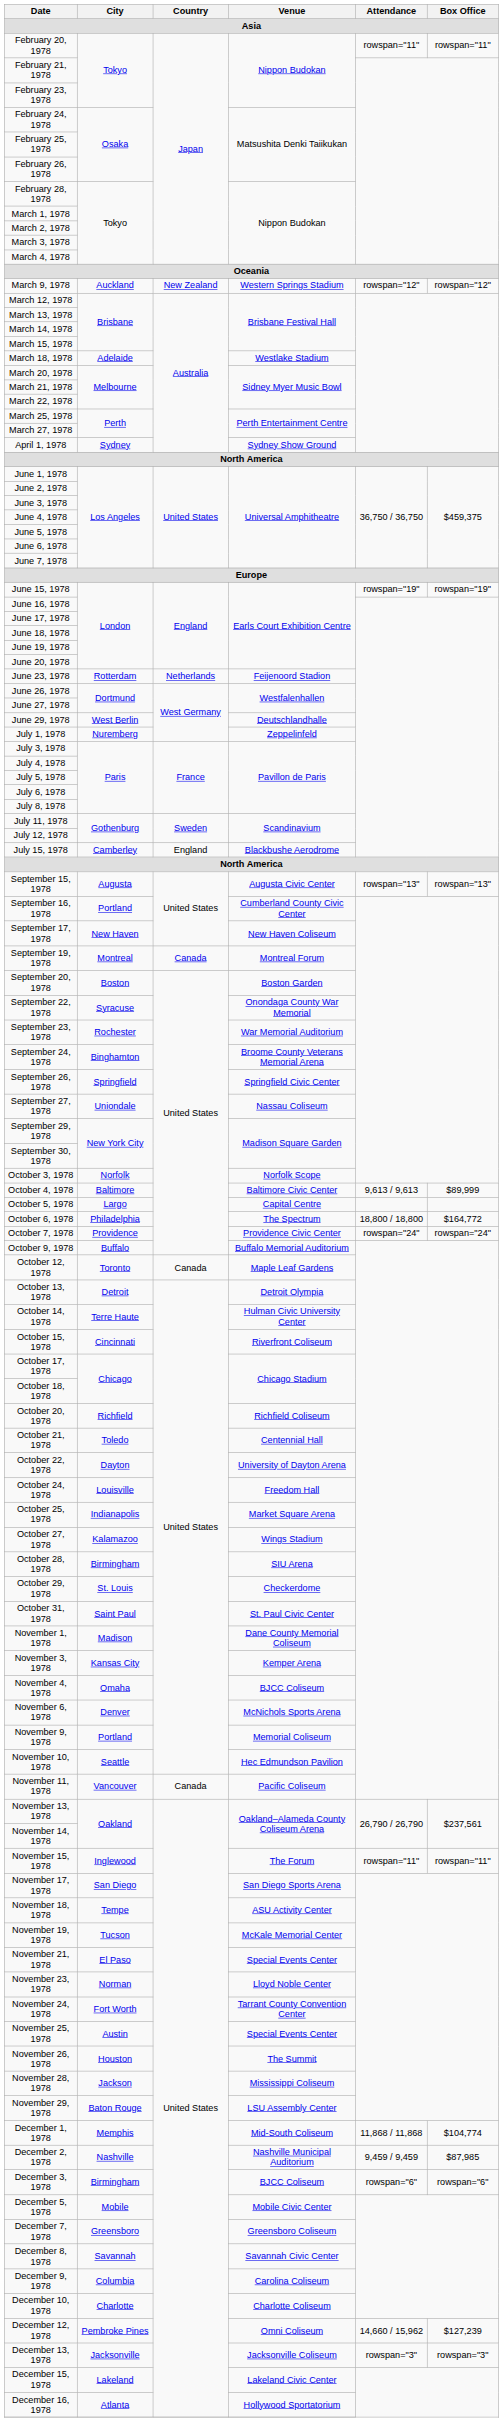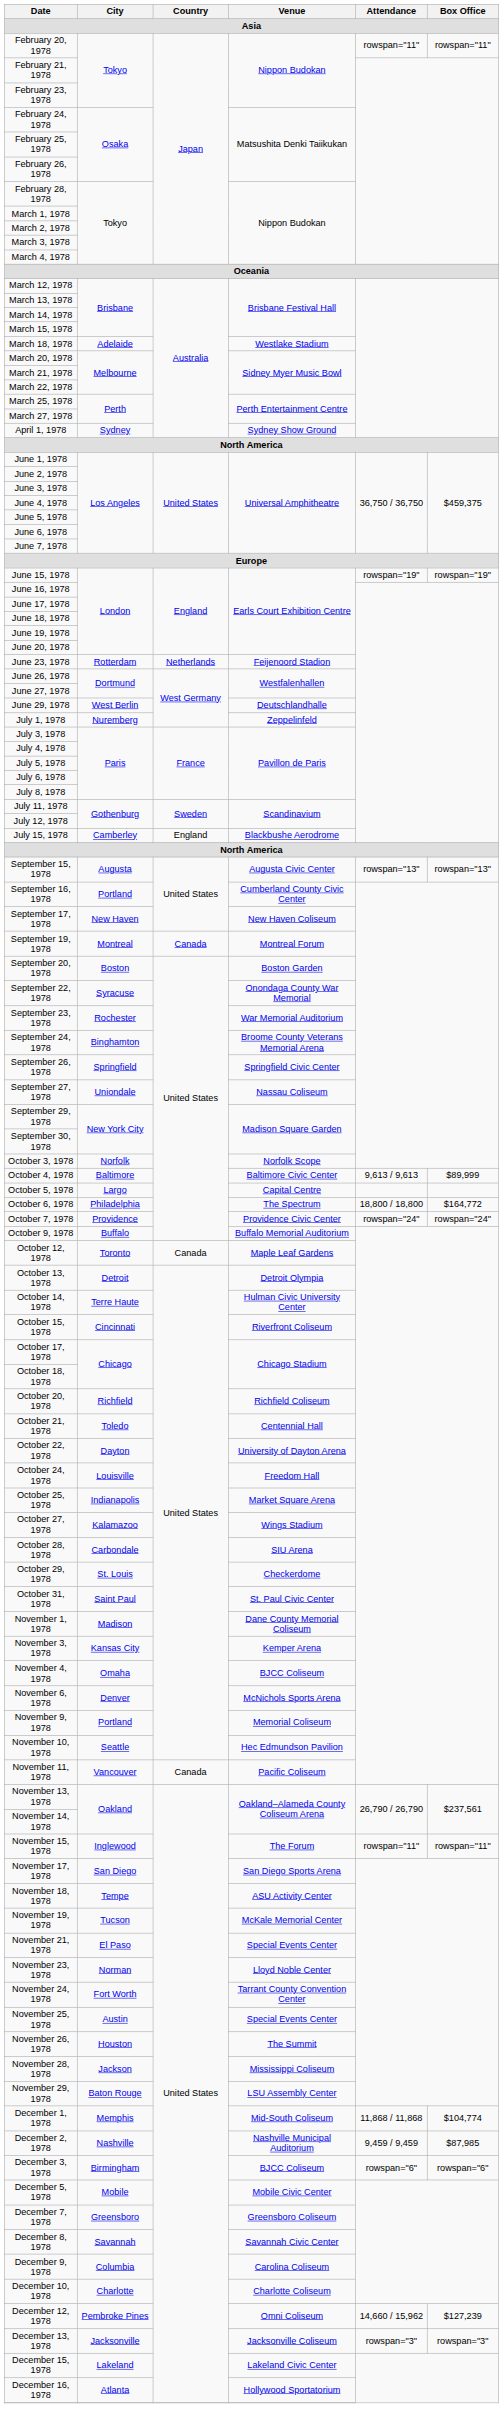 <table class="wikitable" style="text-align:center;">
 <tr>
 <th width="170">Date</th>
 <th width="170">City</th>
 <th width="170">Country</th>
 <th width="325">Venue</th>
 <th width="140">Attendance</th>
 <th width="140">Box Office</th>
 </tr>
 <tr>
 <th colspan="6" style="background:#DFDFDF;">Asia</th>
 </tr>
 <tr>
 <td>February 20, 1978</td>
 <td rowspan="3"><a href='#'>Tokyo</a></td>
 <td rowspan="11"><a href='#'>Japan</a></td>
 <td rowspan="3"><a href='#'>Nippon Budokan</a></td>
 <td>rowspan="11" </td>
 <td>rowspan="11" </td>
 </tr>
 <tr>
 <td>February 21, 1978</td>
 </tr>
 <tr>
 <td>February 23, 1978</td>
 </tr>
 <tr>
 <td>February 24, 1978</td>
 <td rowspan="3"><a href='#'>Osaka</a></td>
 <td rowspan="3">Matsushita Denki Taiikukan</td>
 </tr>
 <tr>
 <td>February 25, 1978</td>
 </tr>
 <tr>
 <td>February 26, 1978</td>
 </tr>
 <tr>
 <td>February 28, 1978</td>
 <td rowspan="5">Tokyo</td>
 <td rowspan="5">Nippon Budokan</td>
 </tr>
 <tr>
 <td>March 1, 1978</td>
 </tr>
 <tr>
 <td>March 2, 1978</td>
 </tr>
 <tr>
 <td>March 3, 1978</td>
 </tr>
 <tr>
 <td>March 4, 1978</td>
 </tr>
 <tr s>
 <th colspan="6" style="background:#DFDFDF;">Oceania</th>
-</tr>
-<tr>
-<td>March 9, 1978</td>
-<td><a href='#'>Auckland</a></td>
-<td><a href='#'>New Zealand</a></td>
-<td><a href='#'>Western Springs Stadium</a></td>
-<td>rowspan="12" </td>
-<td>rowspan="12" </td>
 </tr>
 <tr>
 <td>March 12, 1978</td>
 <td rowspan="4"><a href='#'>Brisbane</a></td>
 <td rowspan="11"><a href='#'>Australia</a></td>
 <td rowspan="4"><a href='#'>Brisbane Festival Hall</a></td>
 </tr>
 <tr>
 <td>March 13, 1978</td>
 </tr>
 <tr>
 <td>March 14, 1978</td>
 </tr>
 <tr>
 <td>March 15, 1978</td>
 </tr>
 <tr>
 <td>March 18, 1978</td>
 <td><a href='#'>Adelaide</a></td>
 <td><a href='#'>Westlake Stadium</a></td>
 </tr>
 <tr>
 <td>March 20, 1978</td>
 <td rowspan="3"><a href='#'>Melbourne</a></td>
 <td rowspan="3"><a href='#'>Sidney Myer Music Bowl</a></td>
 </tr>
 <tr>
 <td>March 21, 1978</td>
 </tr>
 <tr>
 <td>March 22, 1978</td>
 </tr>
 <tr>
 <td>March 25, 1978</td>
 <td rowspan="2"><a href='#'>Perth</a></td>
 <td rowspan="2"><a href='#'>Perth Entertainment Centre</a></td>
 </tr>
 <tr>
 <td>March 27, 1978</td>
 </tr>
 <tr>
 <td>April 1, 1978</td>
 <td><a href='#'>Sydney</a></td>
 <td><a href='#'>Sydney Show Ground</a></td>
 </tr>
 <tr>
 <th colspan="6" style="background:#DFDFDF;">North America</th>
 </tr>
 <tr>
 <td>June 1, 1978</td>
 <td rowspan="7"><a href='#'>Los Angeles</a></td>
 <td rowspan="7"><a href='#'>United States</a></td>
 <td rowspan="7"><a href='#'>Universal Amphitheatre</a></td>
 <td rowspan="7">36,750 / 36,750</td>
 <td rowspan="7">$459,375</td>
 </tr>
 <tr>
 <td>June 2, 1978</td>
 </tr>
 <tr>
 <td>June 3, 1978</td>
 </tr>
 <tr>
 <td>June 4, 1978</td>
 </tr>
 <tr>
 <td>June 5, 1978</td>
 </tr>
 <tr>
 <td>June 6, 1978</td>
 </tr>
 <tr>
 <td>June 7, 1978</td>
 </tr>
 <tr>
 <th colspan="6" style="background:#DFDFDF;">Europe</th>
 </tr>
 <tr>
 <td>June 15, 1978</td>
 <td rowspan="6"><a href='#'>London</a></td>
 <td rowspan="6"><a href='#'>England</a></td>
 <td rowspan="6"><a href='#'>Earls Court Exhibition Centre</a></td>
 <td>rowspan="19" </td>
 <td>rowspan="19" </td>
 </tr>
 <tr>
 <td>June 16, 1978</td>
 </tr>
 <tr>
 <td>June 17, 1978</td>
 </tr>
 <tr>
 <td>June 18, 1978</td>
 </tr>
 <tr>
 <td>June 19, 1978</td>
 </tr>
 <tr>
 <td>June 20, 1978</td>
 </tr>
 <tr>
 <td>June 23, 1978</td>
 <td><a href='#'>Rotterdam</a></td>
 <td><a href='#'>Netherlands</a></td>
 <td><a href='#'>Feijenoord Stadion</a></td>
 </tr>
 <tr>
 <td>June 26, 1978</td>
 <td rowspan="2"><a href='#'>Dortmund</a></td>
 <td rowspan="4"><a href='#'>West Germany</a></td>
 <td rowspan="2"><a href='#'>Westfalenhallen</a></td>
 </tr>
 <tr>
 <td>June 27, 1978</td>
 </tr>
 <tr>
 <td>June 29, 1978</td>
 <td><a href='#'>West Berlin</a></td>
 <td><a href='#'>Deutschlandhalle</a></td>
 </tr>
 <tr>
 <td>July 1, 1978</td>
 <td><a href='#'>Nuremberg</a></td>
 <td><a href='#'>Zeppelinfeld</a></td>
 </tr>
 <tr>
 <td>July 3, 1978</td>
 <td rowspan="5"><a href='#'>Paris</a></td>
 <td rowspan="5"><a href='#'>France</a></td>
 <td rowspan="5"><a href='#'>Pavillon de Paris</a></td>
 </tr>
 <tr>
 <td>July 4, 1978</td>
 </tr>
 <tr>
 <td>July 5, 1978</td>
 </tr>
 <tr>
 <td>July 6, 1978</td>
 </tr>
 <tr>
 <td>July 8, 1978</td>
 </tr>
 <tr>
 <td>July 11, 1978</td>
 <td rowspan="2"><a href='#'>Gothenburg</a></td>
 <td rowspan="2"><a href='#'>Sweden</a></td>
 <td rowspan="2"><a href='#'>Scandinavium</a></td>
 </tr>
 <tr>
 <td>July 12, 1978</td>
 </tr>
 <tr>
 <td>July 15, 1978</td>
 <td><a href='#'>Camberley</a></td>
 <td>England</td>
 <td><a href='#'>Blackbushe Aerodrome</a></td>
 </tr>
 <tr>
 <th colspan="6" style="background:#DFDFDF;">North America</th>
 </tr>
 <tr>
 <td>September 15, 1978</td>
 <td><a href='#'>Augusta</a></td>
 <td rowspan="3">United States</td>
 <td><a href='#'>Augusta Civic Center</a></td>
 <td>rowspan="13" </td>
 <td>rowspan="13" </td>
 </tr>
 <tr>
 <td>September 16, 1978</td>
 <td><a href='#'>Portland</a></td>
 <td><a href='#'>Cumberland County Civic Center</a></td>
 </tr>
 <tr>
 <td>September 17, 1978</td>
 <td><a href='#'>New Haven</a></td>
 <td><a href='#'>New Haven Coliseum</a></td>
 </tr>
 <tr>
 <td>September 19, 1978</td>
 <td><a href='#'>Montreal</a></td>
 <td><a href='#'>Canada</a></td>
 <td><a href='#'>Montreal Forum</a></td>
 </tr>
 <tr>
 <td>September 20, 1978</td>
 <td><a href='#'>Boston</a></td>
 <td rowspan="14">United States</td>
 <td><a href='#'>Boston Garden</a></td>
 </tr>
 <tr>
 <td>September 22, 1978</td>
 <td><a href='#'>Syracuse</a></td>
 <td><a href='#'>Onondaga County War Memorial</a></td>
 </tr>
 <tr>
 <td>September 23, 1978</td>
 <td><a href='#'>Rochester</a></td>
 <td><a href='#'>War Memorial Auditorium</a></td>
 </tr>
 <tr>
 <td>September 24, 1978</td>
 <td><a href='#'>Binghamton</a></td>
 <td><a href='#'>Broome County Veterans Memorial Arena</a></td>
 </tr>
 <tr>
 <td>September 26, 1978</td>
 <td><a href='#'>Springfield</a></td>
 <td><a href='#'>Springfield Civic Center</a></td>
 </tr>
 <tr>
 <td>September 27, 1978</td>
 <td><a href='#'>Uniondale</a></td>
 <td><a href='#'>Nassau Coliseum</a></td>
 </tr>
 <tr>
 <td>September 29, 1978</td>
 <td rowspan="2"><a href='#'>New York City</a></td>
 <td rowspan="2"><a href='#'>Madison Square Garden</a></td>
 </tr>
 <tr>
 <td>September 30, 1978</td>
 </tr>
 <tr>
 <td>October 3, 1978</td>
 <td><a href='#'>Norfolk</a></td>
 <td><a href='#'>Norfolk Scope</a></td>
 </tr>
 <tr>
 <td>October 4, 1978</td>
 <td><a href='#'>Baltimore</a></td>
 <td><a href='#'>Baltimore Civic Center</a></td>
 <td>9,613 / 9,613</td>
 <td>$89,999</td>
 </tr>
 <tr>
 <td>October 5, 1978</td>
 <td><a href='#'>Largo</a></td>
 <td><a href='#'>Capital Centre</a></td>
 <td></td>
 <td></td>
 </tr>
 <tr>
 <td>October 6, 1978</td>
 <td><a href='#'>Philadelphia</a></td>
 <td><a href='#'>The Spectrum</a></td>
 <td>18,800 / 18,800</td>
 <td>$164,772</td>
 </tr>
 <tr>
 <td>October 7, 1978</td>
 <td><a href='#'>Providence</a></td>
 <td><a href='#'>Providence Civic Center</a></td>
 <td>rowspan="24" </td>
 <td>rowspan="24" </td>
 </tr>
 <tr>
 <td>October 9, 1978</td>
 <td><a href='#'>Buffalo</a></td>
 <td><a href='#'>Buffalo Memorial Auditorium</a></td>
 </tr>
 <tr>
 <td>October 12, 1978</td>
 <td><a href='#'>Toronto</a></td>
 <td>Canada</td>
 <td><a href='#'>Maple Leaf Gardens</a></td>
 </tr>
 <tr>
 <td>October 13, 1978</td>
 <td><a href='#'>Detroit</a></td>
 <td rowspan="20">United States</td>
 <td><a href='#'>Detroit Olympia</a></td>
 </tr>
 <tr>
 <td>October 14, 1978</td>
 <td><a href='#'>Terre Haute</a></td>
 <td><a href='#'>Hulman Civic University Center</a></td>
 </tr>
 <tr>
 <td>October 15, 1978</td>
 <td><a href='#'>Cincinnati</a></td>
 <td><a href='#'>Riverfront Coliseum</a></td>
 </tr>
 <tr>
 <td>October 17, 1978</td>
 <td rowspan="2"><a href='#'>Chicago</a></td>
 <td rowspan="2"><a href='#'>Chicago Stadium</a></td>
 </tr>
 <tr>
 <td>October 18, 1978</td>
 </tr>
 <tr>
 <td>October 20, 1978</td>
 <td><a href='#'>Richfield</a></td>
 <td><a href='#'>Richfield Coliseum</a></td>
 </tr>
 <tr>
 <td>October 21, 1978</td>
 <td><a href='#'>Toledo</a></td>
 <td><a href='#'>Centennial Hall</a></td>
 </tr>
 <tr>
 <td>October 22, 1978</td>
 <td><a href='#'>Dayton</a></td>
 <td><a href='#'>University of Dayton Arena</a></td>
 </tr>
 <tr>
 <td>October 24, 1978</td>
 <td><a href='#'>Louisville</a></td>
 <td><a href='#'>Freedom Hall</a></td>
 </tr>
 <tr>
 <td>October 25, 1978</td>
 <td><a href='#'>Indianapolis</a></td>
 <td><a href='#'>Market Square Arena</a></td>
 </tr>
 <tr>
 <td>October 27, 1978</td>
 <td><a href='#'>Kalamazoo</a></td>
 <td><a href='#'>Wings Stadium</a></td>
 </tr>
 <tr>
 <td>October 28, 1978</td>
-<td><a href='#'>Birmingham</a></td>
+<td><a href='#'>Carbondale</a></td>
 <td><a href='#'>SIU Arena</a></td>
 </tr>
 <tr>
 <td>October 29, 1978</td>
 <td><a href='#'>St. Louis</a></td>
 <td><a href='#'>Checkerdome</a></td>
 </tr>
 <tr>
 <td>October 31, 1978</td>
 <td><a href='#'>Saint Paul</a></td>
 <td><a href='#'>St. Paul Civic Center</a></td>
 </tr>
 <tr>
 <td>November 1, 1978</td>
 <td><a href='#'>Madison</a></td>
 <td><a href='#'>Dane County Memorial Coliseum</a></td>
 </tr>
 <tr>
 <td>November 3, 1978</td>
 <td><a href='#'>Kansas City</a></td>
 <td><a href='#'>Kemper Arena</a></td>
 </tr>
 <tr>
 <td>November 4, 1978</td>
 <td><a href='#'>Omaha</a></td>
 <td><a href='#'>BJCC Coliseum</a></td>
 </tr>
 <tr>
 <td>November 6, 1978</td>
 <td><a href='#'>Denver</a></td>
 <td><a href='#'>McNichols Sports Arena</a></td>
 </tr>
 <tr>
 <td>November 9, 1978</td>
 <td><a href='#'>Portland</a></td>
 <td><a href='#'>Memorial Coliseum</a></td>
 </tr>
 <tr>
 <td>November 10, 1978</td>
 <td><a href='#'>Seattle</a></td>
 <td><a href='#'>Hec Edmundson Pavilion</a></td>
 </tr>
 <tr>
 <td>November 11, 1978</td>
 <td><a href='#'>Vancouver</a></td>
 <td>Canada</td>
 <td><a href='#'>Pacific Coliseum</a></td>
 </tr>
 <tr>
 <td>November 13, 1978</td>
 <td rowspan="2"><a href='#'>Oakland</a></td>
 <td rowspan="25">United States</td>
 <td rowspan="2"><a href='#'>Oakland–Alameda County Coliseum Arena</a></td>
 <td rowspan="2">26,790 / 26,790</td>
 <td rowspan="2">$237,561</td>
 </tr>
 <tr>
 <td>November 14, 1978</td>
 </tr>
 <tr>
 <td>November 15, 1978</td>
 <td><a href='#'>Inglewood</a></td>
 <td><a href='#'>The Forum</a></td>
 <td>rowspan="11" </td>
 <td>rowspan="11" </td>
 </tr>
 <tr>
 <td>November 17, 1978</td>
 <td><a href='#'>San Diego</a></td>
 <td><a href='#'>San Diego Sports Arena</a></td>
 </tr>
 <tr>
 <td>November 18, 1978</td>
 <td><a href='#'>Tempe</a></td>
 <td><a href='#'>ASU Activity Center</a></td>
 </tr>
 <tr>
 <td>November 19, 1978</td>
 <td><a href='#'>Tucson</a></td>
 <td><a href='#'>McKale Memorial Center</a></td>
 </tr>
 <tr>
 <td>November 21, 1978</td>
 <td><a href='#'>El Paso</a></td>
 <td><a href='#'>Special Events Center</a></td>
 </tr>
 <tr>
 <td>November 23, 1978</td>
 <td><a href='#'>Norman</a></td>
 <td><a href='#'>Lloyd Noble Center</a></td>
 </tr>
 <tr>
 <td>November 24, 1978</td>
 <td><a href='#'>Fort Worth</a></td>
 <td><a href='#'>Tarrant County Convention Center</a></td>
 </tr>
 <tr>
 <td>November 25, 1978</td>
 <td><a href='#'>Austin</a></td>
 <td><a href='#'>Special Events Center</a></td>
 </tr>
 <tr>
 <td>November 26, 1978</td>
 <td><a href='#'>Houston</a></td>
 <td><a href='#'>The Summit</a></td>
 </tr>
 <tr>
 <td>November 28, 1978</td>
 <td><a href='#'>Jackson</a></td>
 <td><a href='#'>Mississippi Coliseum</a></td>
 </tr>
 <tr>
 <td>November 29, 1978</td>
 <td><a href='#'>Baton Rouge</a></td>
 <td><a href='#'>LSU Assembly Center</a></td>
 </tr>
 <tr>
 <td>December 1, 1978</td>
 <td><a href='#'>Memphis</a></td>
 <td><a href='#'>Mid-South Coliseum</a></td>
 <td>11,868 / 11,868</td>
 <td>$104,774</td>
 </tr>
 <tr>
 <td>December 2, 1978</td>
 <td><a href='#'>Nashville</a></td>
 <td><a href='#'>Nashville Municipal Auditorium</a></td>
 <td>9,459 / 9,459</td>
 <td>$87,985</td>
 </tr>
 <tr>
 <td>December 3, 1978</td>
 <td><a href='#'>Birmingham</a></td>
 <td><a href='#'>BJCC Coliseum</a></td>
 <td>rowspan="6" </td>
 <td>rowspan="6" </td>
 </tr>
 <tr>
 <td>December 5, 1978</td>
 <td><a href='#'>Mobile</a></td>
 <td><a href='#'>Mobile Civic Center</a></td>
 </tr>
 <tr>
 <td>December 7, 1978</td>
 <td><a href='#'>Greensboro</a></td>
 <td><a href='#'>Greensboro Coliseum</a></td>
 </tr>
 <tr>
 <td>December 8, 1978</td>
 <td><a href='#'>Savannah</a></td>
 <td><a href='#'>Savannah Civic Center</a></td>
 </tr>
 <tr>
 <td>December 9, 1978</td>
 <td><a href='#'>Columbia</a></td>
 <td><a href='#'>Carolina Coliseum</a></td>
 </tr>
 <tr>
 <td>December 10, 1978</td>
 <td><a href='#'>Charlotte</a></td>
 <td><a href='#'>Charlotte Coliseum</a></td>
 </tr>
 <tr>
 <td>December 12, 1978</td>
 <td><a href='#'>Pembroke Pines</a></td>
 <td><a href='#'>Omni Coliseum</a></td>
 <td>14,660 / 15,962</td>
 <td>$127,239</td>
 </tr>
 <tr>
 <td>December 13, 1978</td>
 <td><a href='#'>Jacksonville</a></td>
 <td><a href='#'>Jacksonville Coliseum</a></td>
 <td>rowspan="3" </td>
 <td>rowspan="3" </td>
 </tr>
 <tr>
 <td>December 15, 1978</td>
 <td><a href='#'>Lakeland</a></td>
 <td><a href='#'>Lakeland Civic Center</a></td>
 </tr>
 <tr>
 <td>December 16, 1978</td>
 <td><a href='#'>Atlanta</a></td>
 <td><a href='#'>Hollywood Sportatorium</a></td>
 </tr>
 <tr>
 </tr>
 </table>
